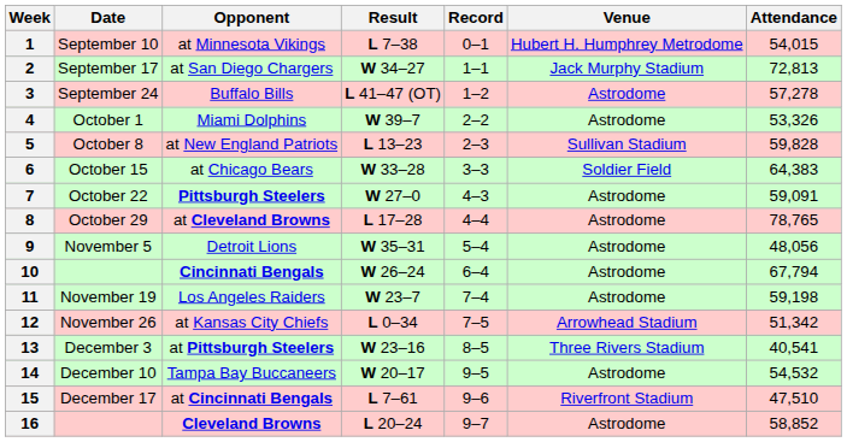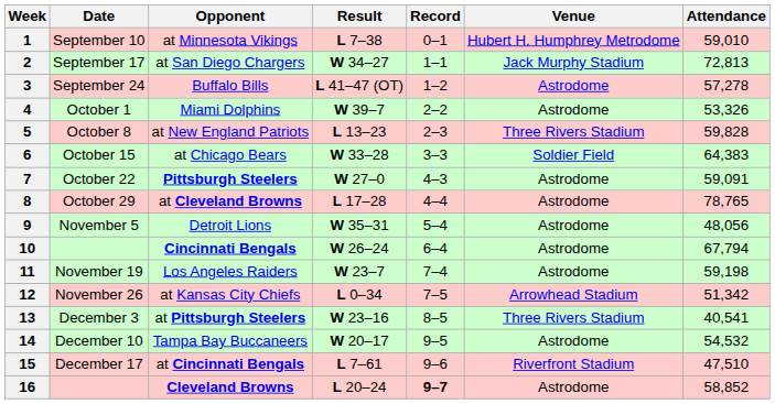 <table class="wikitable" style="text-align:center">
 <tr>
 <th>Week</th>
 <th>Date</th>
 <th>Opponent</th>
 <th>Result</th>
 <th>Record</th>
 <th>Venue</th>
 <th>Attendance</th>
 </tr>
 <tr style="background:#fcc">
 <th>1</th>
 <td>September 10</td>
 <td>at <a href='#'>Minnesota Vikings</a></td>
 <td><strong>L</strong> 7–38</td>
 <td>0–1</td>
 <td><a href='#'>Hubert H. Humphrey Metrodome</a></td>
-<td>54,015</td>
+<td>59,010</td>
 </tr>
 <tr style="background:#cfc">
 <th>2</th>
 <td>September 17</td>
 <td>at <a href='#'>San Diego Chargers</a></td>
 <td><strong>W</strong> 34–27</td>
 <td>1–1</td>
 <td><a href='#'>Jack Murphy Stadium</a></td>
 <td>72,813</td>
 </tr>
 <tr style="background:#fcc">
 <th>3</th>
 <td>September 24</td>
 <td><a href='#'>Buffalo Bills</a></td>
 <td><strong>L</strong> 41–47 (OT)</td>
 <td>1–2</td>
 <td><a href='#'>Astrodome</a></td>
 <td>57,278</td>
 </tr>
 <tr style="background:#cfc">
 <th>4</th>
 <td>October 1</td>
 <td><a href='#'>Miami Dolphins</a></td>
 <td><strong>W</strong> 39–7</td>
 <td>2–2</td>
 <td>Astrodome</td>
 <td>53,326</td>
 </tr>
 <tr style="background:#fcc">
 <th>5</th>
 <td>October 8</td>
 <td>at <a href='#'>New England Patriots</a></td>
 <td><strong>L</strong> 13–23</td>
 <td>2–3</td>
-<td><a href='#'>Sullivan Stadium</a></td>
+<td><a href='#'>Three Rivers Stadium</a></td>
 <td>59,828</td>
 </tr>
 <tr style="background:#cfc">
 <th>6</th>
 <td>October 15</td>
 <td>at <a href='#'>Chicago Bears</a></td>
 <td><strong>W</strong> 33–28</td>
 <td>3–3</td>
 <td><a href='#'>Soldier Field</a></td>
 <td>64,383</td>
 </tr>
 <tr style="background:#cfc">
 <th>7</th>
 <td>October 22</td>
 <td><strong><a href='#'>Pittsburgh Steelers</a></strong></td>
 <td><strong>W</strong> 27–0</td>
 <td>4–3</td>
 <td>Astrodome</td>
 <td>59,091</td>
 </tr>
 <tr style="background:#fcc">
 <th>8</th>
 <td>October 29</td>
 <td>at <strong><a href='#'>Cleveland Browns</a></strong></td>
 <td><strong>L</strong> 17–28</td>
 <td>4–4</td>
 <td>Astrodome</td>
 <td>78,765</td>
 </tr>
 <tr style="background:#cfc">
 <th>9</th>
 <td>November 5</td>
 <td><a href='#'>Detroit Lions</a></td>
 <td><strong>W</strong> 35–31</td>
 <td>5–4</td>
 <td>Astrodome</td>
 <td>48,056</td>
 </tr>
 <tr style="background:#cfc">
 <th>10</th>
 <td></td>
 <td><strong><a href='#'>Cincinnati Bengals</a></strong></td>
 <td><strong>W</strong> 26–24</td>
 <td>6–4</td>
 <td>Astrodome</td>
 <td>67,794</td>
 </tr>
 <tr style="background:#cfc">
 <th>11</th>
 <td>November 19</td>
 <td><a href='#'>Los Angeles Raiders</a></td>
 <td><strong>W</strong> 23–7</td>
 <td>7–4</td>
 <td>Astrodome</td>
 <td>59,198</td>
 </tr>
 <tr style="background:#fcc">
 <th>12</th>
 <td>November 26</td>
 <td>at <a href='#'>Kansas City Chiefs</a></td>
 <td><strong>L</strong> 0–34</td>
 <td>7–5</td>
 <td><a href='#'>Arrowhead Stadium</a></td>
 <td>51,342</td>
 </tr>
 <tr style="background:#cfc">
 <th>13</th>
 <td>December 3</td>
 <td>at <strong><a href='#'>Pittsburgh Steelers</a></strong></td>
 <td><strong>W</strong> 23–16</td>
 <td>8–5</td>
 <td><a href='#'>Three Rivers Stadium</a></td>
 <td>40,541</td>
 </tr>
 <tr style="background:#cfc">
 <th>14</th>
 <td>December 10</td>
 <td><a href='#'>Tampa Bay Buccaneers</a></td>
 <td><strong>W</strong> 20–17</td>
 <td>9–5</td>
 <td>Astrodome</td>
 <td>54,532</td>
 </tr>
 <tr style="background:#fcc">
 <th>15</th>
 <td>December 17</td>
 <td>at <strong><a href='#'>Cincinnati Bengals</a></strong></td>
 <td><strong>L</strong> 7–61</td>
 <td>9–6</td>
 <td><a href='#'>Riverfront Stadium</a></td>
 <td>47,510</td>
 </tr>
 <tr style="background:#fcc">
 <th>16</th>
 <td></td>
 <td><strong><a href='#'>Cleveland Browns</a></strong></td>
 <td><strong>L</strong> 20–24</td>
-<td>9–7</td>
+<td><strong>9–7</strong></td>
 <td>Astrodome</td>
 <td>58,852</td>
 </tr>
 </table>
